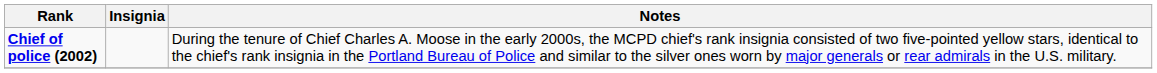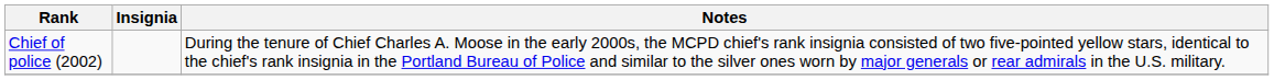 <table border="1" cellspacing="2" cellpadding="5" style="border-collapse:collapse;" class="wikitable">
 <tr>
 <th>Rank</th>
 <th>Insignia</th>
 <th>Notes</th>
 </tr>
 <tr>
-<td><strong><a href='#'>Chief of police</a> (2002)</strong></td>
+<td><a href='#'>Chief of police</a> (2002)</td>
 <td></td>
 <td>During the tenure of Chief Charles A. Moose in the early 2000s, the MCPD chief's rank insignia consisted of two five-pointed yellow stars, identical to the chief's rank insignia in the <a href='#'>Portland Bureau of Police</a> and similar to the silver ones worn by <a href='#'>major generals</a> or <a href='#'>rear admirals</a> in the U.S. military.</td>
 </tr>
 <tr>
 </tr>
 </table>
